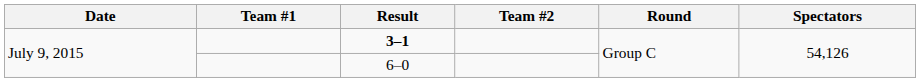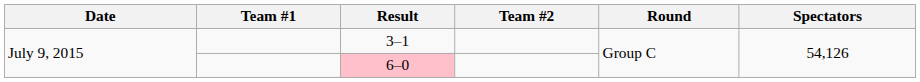 <table class="wikitable" style="text-align:left; width:60%;">
 <tr>
 <th style="text-align:center;">Date</th>
 <th style="text-align:center;">Team #1</th>
 <th style="text-align:center;">Result</th>
 <th style="text-align:center;">Team #2</th>
 <th style="text-align:center;">Round</th>
 <th style="text-align:center;">Spectators</th>
 </tr>
 <tr>
 <td rowspan=2>July 9, 2015</td>
 <td><strong></strong></td>
-<td style="text-align:center;"><strong>3–1</strong></td>
+<td style="text-align:center;">3–1</td>
 <td></td>
 <td rowspan=2>Group C</td>
 <td rowspan=2 style="text-align:center;">54,126</td>
 </tr>
 <tr>
 <td><strong></strong></td>
-<td style="text-align:center;">6–0</td>
+<td style="background: pink; text-align:center;">6–0</td>
 <td></td>
 </tr>
 </table>
